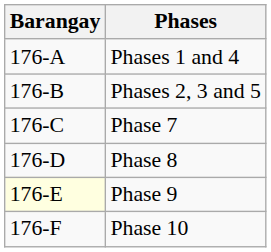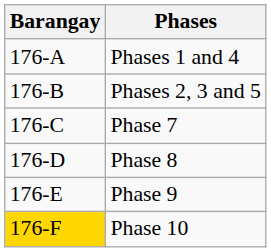 <table class="wikitable">
 <tr>
 <th>Barangay</th>
 <th>Phases</th>
 </tr>
 <tr>
 <td>176-A</td>
 <td>Phases 1 and 4</td>
 </tr>
 <tr>
 <td>176-B</td>
 <td>Phases 2, 3 and 5</td>
 </tr>
 <tr>
 <td>176-C</td>
 <td>Phase 7</td>
 </tr>
 <tr>
 <td>176-D</td>
 <td>Phase 8</td>
 </tr>
 <tr>
-<td style="background: lightyellow;">176-E</td>
+<td>176-E</td>
 <td>Phase 9</td>
 </tr>
 <tr>
-<td>176-F</td>
+<td style="background: gold;">176-F</td>
 <td>Phase 10</td>
 </tr>
 </table>
